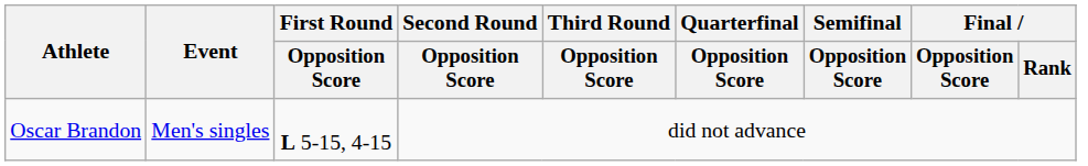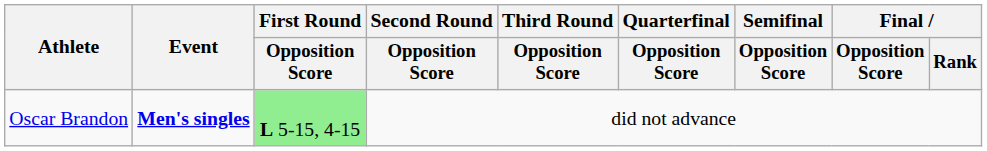 <table class=wikitable style="font-size:90%">
 <tr>
 <th rowspan="2">Athlete</th>
 <th rowspan="2">Event</th>
 <th>First Round</th>
 <th>Second Round</th>
 <th>Third Round</th>
 <th>Quarterfinal</th>
 <th>Semifinal</th>
 <th colspan=2>Final / </th>
 </tr>
 <tr style="font-size:95%">
 <th>Opposition<br>Score</th>
 <th>Opposition<br>Score</th>
 <th>Opposition<br>Score</th>
 <th>Opposition<br>Score</th>
 <th>Opposition<br>Score</th>
 <th>Opposition<br>Score</th>
 <th>Rank</th>
 </tr>
 <tr align=center>
 <td align=left><a href='#'>Oscar Brandon</a></td>
-<td align=left><a href='#'>Men's singles</a></td>
-<td><br><strong>L</strong> 5-15, 4-15</td>
+<td align=left><strong><a href='#'>Men's singles</a></strong></td>
+<td style="background: lightgreen;"><br><strong>L</strong> 5-15, 4-15</td>
 <td colspan=6>did not advance</td>
 </tr>
 </table>
